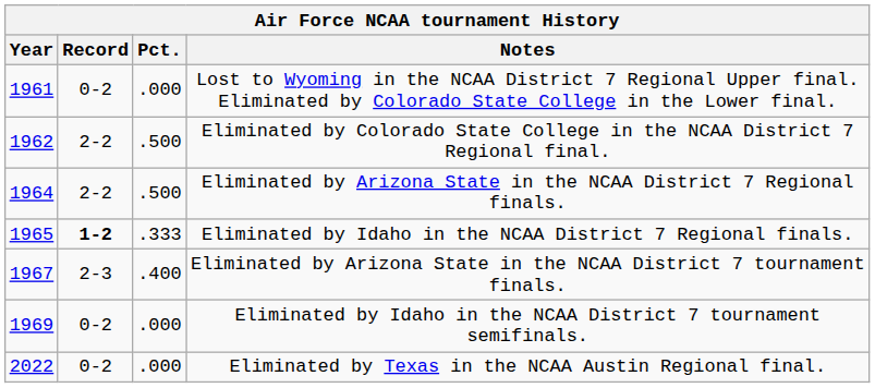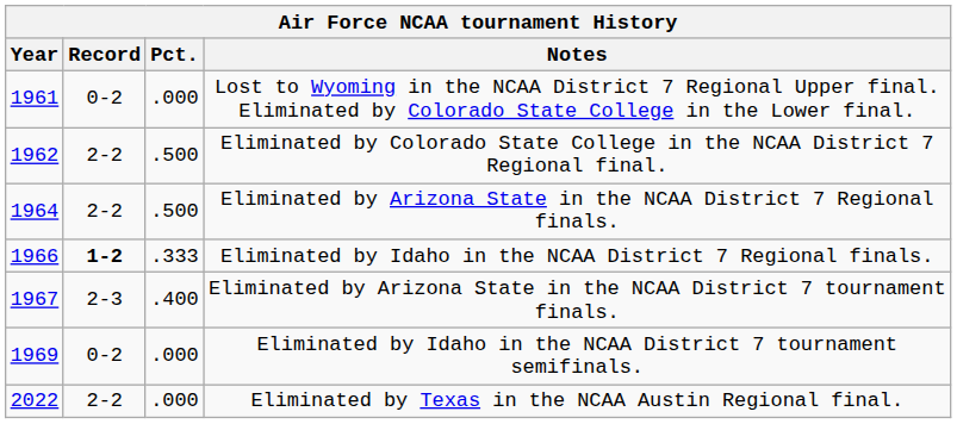 <table class="wikitable" style="text-align:center">
 <tr>
 <th colspan=4>Air Force NCAA tournament History</th>
 </tr>
 <tr>
 <th>Year</th>
 <th>Record</th>
 <th>Pct.</th>
 <th>Notes</th>
 </tr>
 <tr>
 <td><a href='#'>1961</a></td>
 <td>0-2</td>
 <td>.000</td>
 <td>Lost to <a href='#'>Wyoming</a> in the NCAA District 7 Regional Upper final. Eliminated by <a href='#'>Colorado State College</a> in the Lower final.</td>
 </tr>
 <tr>
 <td><a href='#'>1962</a></td>
 <td>2-2</td>
 <td>.500</td>
 <td>Eliminated by Colorado State College in the NCAA District 7 Regional final.</td>
 </tr>
 <tr>
 <td><a href='#'>1964</a></td>
 <td>2-2</td>
 <td>.500</td>
 <td>Eliminated by <a href='#'>Arizona State</a> in the NCAA District 7 Regional finals.</td>
 </tr>
 <tr>
-<td><a href='#'>1965</a></td>
+<td><a href='#'>1966</a></td>
 <td><strong>1-2</strong></td>
 <td>.333</td>
 <td>Eliminated by Idaho in the NCAA District 7 Regional finals.</td>
 </tr>
 <tr>
 <td><a href='#'>1967</a></td>
 <td>2-3</td>
 <td>.400</td>
 <td>Eliminated by Arizona State in the NCAA District 7 tournament finals.</td>
 </tr>
 <tr>
 <td><a href='#'>1969</a></td>
 <td>0-2</td>
 <td>.000</td>
 <td>Eliminated by Idaho in the NCAA District 7 tournament semifinals.</td>
 </tr>
 <tr>
 <td><a href='#'>2022</a></td>
-<td>0-2</td>
+<td>2-2</td>
 <td>.000</td>
 <td>Eliminated by <a href='#'>Texas</a> in the NCAA Austin Regional final.</td>
 </tr>
 </table>
